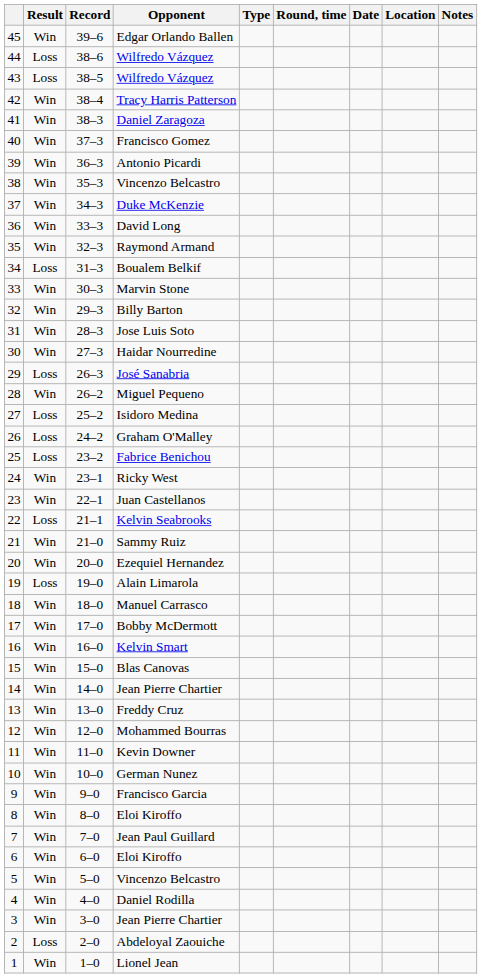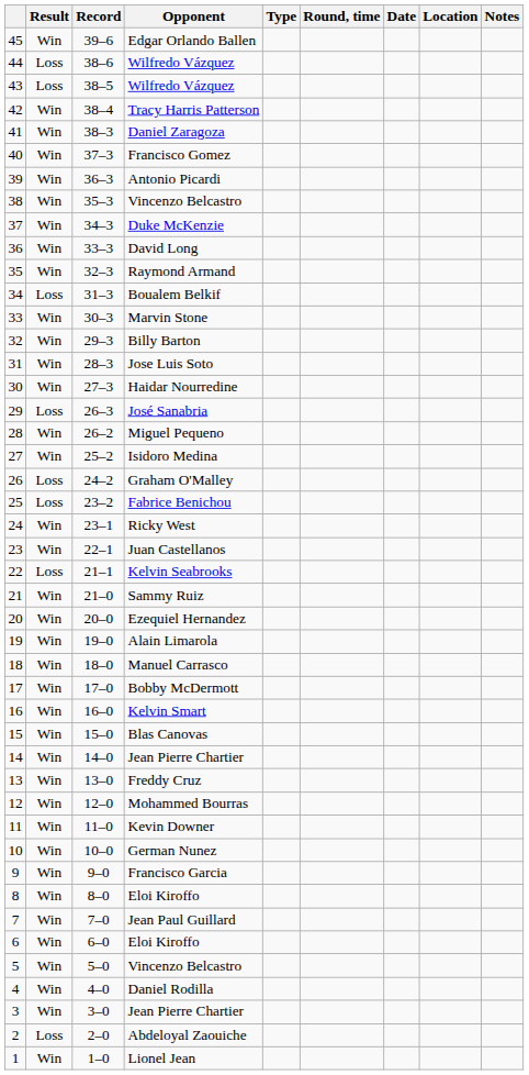 <table class="wikitable" style="text-align:center">
 <tr>
 <th></th>
 <th>Result</th>
 <th>Record</th>
 <th>Opponent</th>
 <th>Type</th>
 <th>Round, time</th>
 <th>Date</th>
 <th>Location</th>
 <th>Notes</th>
 </tr>
 <tr>
 <td>45</td>
 <td>Win</td>
 <td>39–6</td>
 <td align=left>Edgar Orlando Ballen</td>
 <td></td>
 <td></td>
 <td></td>
 <td align=left></td>
 <td align=left></td>
 </tr>
 <tr>
 <td>44</td>
 <td>Loss</td>
 <td>38–6</td>
 <td align=left><a href='#'>Wilfredo Vázquez</a></td>
 <td></td>
 <td></td>
 <td></td>
 <td align=left></td>
 <td align=left></td>
 </tr>
 <tr>
 <td>43</td>
 <td>Loss</td>
 <td>38–5</td>
 <td align=left><a href='#'>Wilfredo Vázquez</a></td>
 <td></td>
 <td></td>
 <td></td>
 <td align=left></td>
 <td align=left></td>
 </tr>
 <tr>
 <td>42</td>
 <td>Win</td>
 <td>38–4</td>
 <td align=left><a href='#'>Tracy Harris Patterson</a></td>
 <td></td>
 <td></td>
 <td></td>
 <td align=left></td>
 <td align=left></td>
 </tr>
 <tr>
 <td>41</td>
 <td>Win</td>
 <td>38–3</td>
 <td align=left><a href='#'>Daniel Zaragoza</a></td>
 <td></td>
 <td></td>
 <td></td>
 <td align=left></td>
 <td align=left></td>
 </tr>
 <tr>
 <td>40</td>
 <td>Win</td>
 <td>37–3</td>
 <td align=left>Francisco Gomez</td>
 <td></td>
 <td></td>
 <td></td>
 <td align=left></td>
 <td align=left></td>
 </tr>
 <tr>
 <td>39</td>
 <td>Win</td>
 <td>36–3</td>
 <td align=left>Antonio Picardi</td>
 <td></td>
 <td></td>
 <td></td>
 <td align=left></td>
 <td align=left></td>
 </tr>
 <tr>
 <td>38</td>
 <td>Win</td>
 <td>35–3</td>
 <td align=left>Vincenzo Belcastro</td>
 <td></td>
 <td></td>
 <td></td>
 <td align=left></td>
 <td align=left></td>
 </tr>
 <tr>
 <td>37</td>
 <td>Win</td>
 <td>34–3</td>
 <td align=left><a href='#'>Duke McKenzie</a></td>
 <td></td>
 <td></td>
 <td></td>
 <td align=left></td>
 <td align=left></td>
 </tr>
 <tr>
 <td>36</td>
 <td>Win</td>
 <td>33–3</td>
 <td align=left>David Long</td>
 <td></td>
 <td></td>
 <td></td>
 <td align=left></td>
 <td align=left></td>
 </tr>
 <tr>
 <td>35</td>
 <td>Win</td>
 <td>32–3</td>
 <td align=left>Raymond Armand</td>
 <td></td>
 <td></td>
 <td></td>
 <td align=left></td>
 <td align=left></td>
 </tr>
 <tr>
 <td>34</td>
 <td>Loss</td>
 <td>31–3</td>
 <td align=left>Boualem Belkif</td>
 <td></td>
 <td></td>
 <td></td>
 <td align=left></td>
 <td align=left></td>
 </tr>
 <tr>
 <td>33</td>
 <td>Win</td>
 <td>30–3</td>
 <td align=left>Marvin Stone</td>
 <td></td>
 <td></td>
 <td></td>
 <td align=left></td>
 <td align=left></td>
 </tr>
 <tr>
 <td>32</td>
 <td>Win</td>
 <td>29–3</td>
 <td align=left>Billy Barton</td>
 <td></td>
 <td></td>
 <td></td>
 <td align=left></td>
 <td align=left></td>
 </tr>
 <tr>
 <td>31</td>
 <td>Win</td>
 <td>28–3</td>
 <td align=left>Jose Luis Soto</td>
 <td></td>
 <td></td>
 <td></td>
 <td align=left></td>
 <td align=left></td>
 </tr>
 <tr>
 <td>30</td>
 <td>Win</td>
 <td>27–3</td>
 <td align=left>Haidar Nourredine</td>
 <td></td>
 <td></td>
 <td></td>
 <td align=left></td>
 <td align=left></td>
 </tr>
 <tr>
 <td>29</td>
 <td>Loss</td>
 <td>26–3</td>
 <td align=left><a href='#'>José Sanabria</a></td>
 <td></td>
 <td></td>
 <td></td>
 <td align=left></td>
 <td align=left></td>
 </tr>
 <tr>
 <td>28</td>
 <td>Win</td>
 <td>26–2</td>
 <td align=left>Miguel Pequeno</td>
 <td></td>
 <td></td>
 <td></td>
 <td align=left></td>
 <td align=left></td>
 </tr>
 <tr>
 <td>27</td>
-<td>Loss</td>
+<td>Win</td>
 <td>25–2</td>
 <td align=left>Isidoro Medina</td>
 <td></td>
 <td></td>
 <td></td>
 <td align=left></td>
 <td align=left></td>
 </tr>
 <tr>
 <td>26</td>
 <td>Loss</td>
 <td>24–2</td>
 <td align=left>Graham O'Malley</td>
 <td></td>
 <td></td>
 <td></td>
 <td align=left></td>
 <td align=left></td>
 </tr>
 <tr>
 <td>25</td>
 <td>Loss</td>
 <td>23–2</td>
 <td align=left><a href='#'>Fabrice Benichou</a></td>
 <td></td>
 <td></td>
 <td></td>
 <td align=left></td>
 <td align=left></td>
 </tr>
 <tr>
 <td>24</td>
 <td>Win</td>
 <td>23–1</td>
 <td align=left>Ricky West</td>
 <td></td>
 <td></td>
 <td></td>
 <td align=left></td>
 <td align=left></td>
 </tr>
 <tr>
 <td>23</td>
 <td>Win</td>
 <td>22–1</td>
 <td align=left>Juan Castellanos</td>
 <td></td>
 <td></td>
 <td></td>
 <td align=left></td>
 <td align=left></td>
 </tr>
 <tr>
 <td>22</td>
 <td>Loss</td>
 <td>21–1</td>
 <td align=left><a href='#'>Kelvin Seabrooks</a></td>
 <td></td>
 <td></td>
 <td></td>
 <td align=left></td>
 <td align=left></td>
 </tr>
 <tr>
 <td>21</td>
 <td>Win</td>
 <td>21–0</td>
 <td align=left>Sammy Ruiz</td>
 <td></td>
 <td></td>
 <td></td>
 <td align=left></td>
 <td align=left></td>
 </tr>
 <tr>
 <td>20</td>
 <td>Win</td>
 <td>20–0</td>
 <td align=left>Ezequiel Hernandez</td>
 <td></td>
 <td></td>
 <td></td>
 <td align=left></td>
 <td align=left></td>
 </tr>
 <tr>
 <td>19</td>
-<td>Loss</td>
+<td>Win</td>
 <td>19–0</td>
 <td align=left>Alain Limarola</td>
 <td></td>
 <td></td>
 <td></td>
 <td align=left></td>
 <td align=left></td>
 </tr>
 <tr>
 <td>18</td>
 <td>Win</td>
 <td>18–0</td>
 <td align=left>Manuel Carrasco</td>
 <td></td>
 <td></td>
 <td></td>
 <td align=left></td>
 <td align=left></td>
 </tr>
 <tr>
 <td>17</td>
 <td>Win</td>
 <td>17–0</td>
 <td align=left>Bobby McDermott</td>
 <td></td>
 <td></td>
 <td></td>
 <td align=left></td>
 <td align=left></td>
 </tr>
 <tr>
 <td>16</td>
 <td>Win</td>
 <td>16–0</td>
 <td align=left><a href='#'>Kelvin Smart</a></td>
 <td></td>
 <td></td>
 <td></td>
 <td align=left></td>
 <td align=left></td>
 </tr>
 <tr>
 <td>15</td>
 <td>Win</td>
 <td>15–0</td>
 <td align=left>Blas Canovas</td>
 <td></td>
 <td></td>
 <td></td>
 <td align=left></td>
 <td align=left></td>
 </tr>
 <tr>
 <td>14</td>
 <td>Win</td>
 <td>14–0</td>
 <td align=left>Jean Pierre Chartier</td>
 <td></td>
 <td></td>
 <td></td>
 <td align=left></td>
 <td align=left></td>
 </tr>
 <tr>
 <td>13</td>
 <td>Win</td>
 <td>13–0</td>
 <td align=left>Freddy Cruz</td>
 <td></td>
 <td></td>
 <td></td>
 <td align=left></td>
 <td align=left></td>
 </tr>
 <tr>
 <td>12</td>
 <td>Win</td>
 <td>12–0</td>
 <td align=left>Mohammed Bourras</td>
 <td></td>
 <td></td>
 <td></td>
 <td align=left></td>
 <td align=left></td>
 </tr>
 <tr>
 <td>11</td>
 <td>Win</td>
 <td>11–0</td>
 <td align=left>Kevin Downer</td>
 <td></td>
 <td></td>
 <td></td>
 <td align=left></td>
 <td align=left></td>
 </tr>
 <tr>
 <td>10</td>
 <td>Win</td>
 <td>10–0</td>
 <td align=left>German Nunez</td>
 <td></td>
 <td></td>
 <td></td>
 <td align=left></td>
 <td align=left></td>
 </tr>
 <tr>
 <td>9</td>
 <td>Win</td>
 <td>9–0</td>
 <td align=left>Francisco Garcia</td>
 <td></td>
 <td></td>
 <td></td>
 <td align=left></td>
 <td align=left></td>
 </tr>
 <tr>
 <td>8</td>
 <td>Win</td>
 <td>8–0</td>
 <td align=left>Eloi Kiroffo</td>
 <td></td>
 <td></td>
 <td></td>
 <td align=left></td>
 <td align=left></td>
 </tr>
 <tr>
 <td>7</td>
 <td>Win</td>
 <td>7–0</td>
 <td align=left>Jean Paul Guillard</td>
 <td></td>
 <td></td>
 <td></td>
 <td align=left></td>
 <td align=left></td>
 </tr>
 <tr>
 <td>6</td>
 <td>Win</td>
 <td>6–0</td>
 <td align=left>Eloi Kiroffo</td>
 <td></td>
 <td></td>
 <td></td>
 <td align=left></td>
 <td align=left></td>
 </tr>
 <tr>
 <td>5</td>
 <td>Win</td>
 <td>5–0</td>
 <td align=left>Vincenzo Belcastro</td>
 <td></td>
 <td></td>
 <td></td>
 <td align=left></td>
 <td align=left></td>
 </tr>
 <tr>
 <td>4</td>
 <td>Win</td>
 <td>4–0</td>
 <td align=left>Daniel Rodilla</td>
 <td></td>
 <td></td>
 <td></td>
 <td align=left></td>
 <td align=left></td>
 </tr>
 <tr>
 <td>3</td>
 <td>Win</td>
 <td>3–0</td>
 <td align=left>Jean Pierre Chartier</td>
 <td></td>
 <td></td>
 <td></td>
 <td align=left></td>
 <td align=left></td>
 </tr>
 <tr>
 <td>2</td>
 <td>Loss</td>
 <td>2–0</td>
 <td align=left>Abdeloyal Zaouiche</td>
 <td></td>
 <td></td>
 <td></td>
 <td align=left></td>
 <td align=left></td>
 </tr>
 <tr>
 <td>1</td>
 <td>Win</td>
 <td>1–0</td>
 <td align=left>Lionel Jean</td>
 <td></td>
 <td></td>
 <td></td>
 <td align=left></td>
 <td align=left></td>
 </tr>
 </table>
